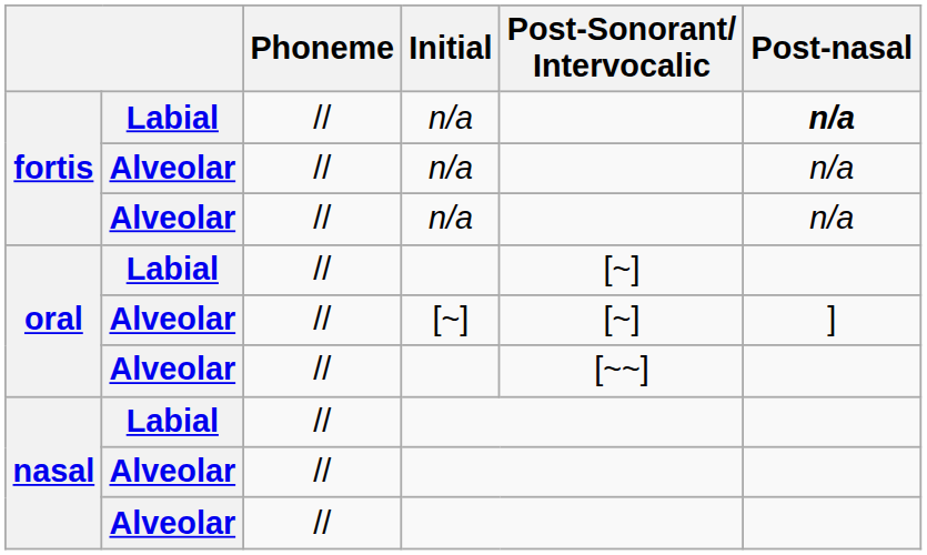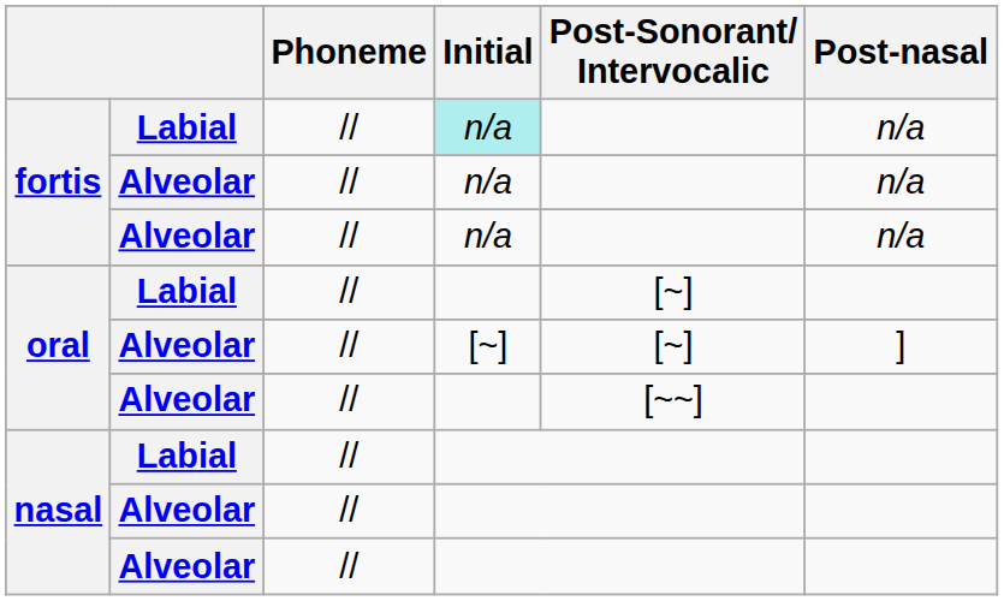 <table class="wikitable" style="text-align:center">
 <tr>
 <th colspan="2"></th>
 <th>Phoneme</th>
 <th>Initial</th>
 <th>Post-Sonorant/<br>Intervocalic</th>
 <th>Post-nasal</th>
 </tr>
 <tr>
 <th rowspan="3"><a href='#'>fortis</a></th>
 <th><a href='#'>Labial</a></th>
 <td>//</td>
+<td style="background: paleturquoise;"><em>n/a</em></td>
+<td></td>
 <td><em>n/a</em></td>
-<td></td>
-<td><strong><em>n/a</em></strong></td>
 </tr>
 <tr>
 <th><a href='#'>Alveolar</a></th>
 <td>//</td>
 <td><em>n/a</em></td>
 <td></td>
 <td><em>n/a</em></td>
 </tr>
 <tr>
 <th><a href='#'>Alveolar</a></th>
 <td>//</td>
 <td><em>n/a</em></td>
 <td></td>
 <td><em>n/a</em></td>
 </tr>
 <tr>
 <th rowspan="3"><a href='#'>oral</a></th>
 <th><a href='#'>Labial</a></th>
 <td>//</td>
 <td></td>
 <td>[~]</td>
 <td></td>
 </tr>
 <tr>
 <th><a href='#'>Alveolar</a></th>
 <td>//</td>
 <td>[~]</td>
 <td>[~]</td>
 <td>]</td>
 </tr>
 <tr>
 <th><a href='#'>Alveolar</a></th>
 <td>//</td>
 <td></td>
 <td>[~~]</td>
 <td></td>
 </tr>
 <tr>
 <th rowspan="3"><a href='#'>nasal</a></th>
 <th><a href='#'>Labial</a></th>
 <td>//</td>
 <td colspan="2"></td>
 <td></td>
 </tr>
 <tr>
 <th><a href='#'>Alveolar</a></th>
 <td>//</td>
 <td colspan="2"></td>
 <td></td>
 </tr>
 <tr>
 <th><a href='#'>Alveolar</a></th>
 <td>//</td>
 <td colspan="2"></td>
 <td></td>
 </tr>
 </table>
